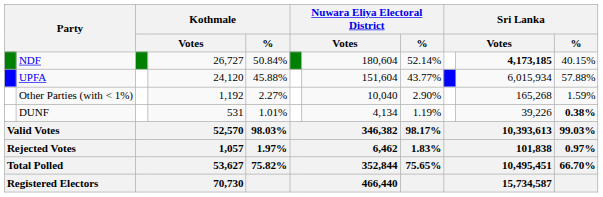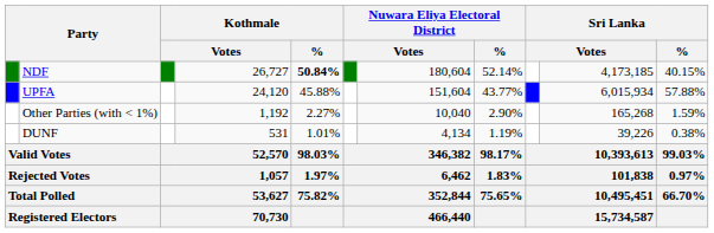 <table class="wikitable">
 <tr>
 <th colspan="2" width="144px"rowspan="2">Party</th>
 <th colspan="3" width="216px">Kothmale</th>
 <th colspan="3" width="216px"><a href='#'>Nuwara Eliya Electoral District</a></th>
 <th colspan="3" width="216px">Sri Lanka</th>
 </tr>
 <tr>
 <th colspan="2" width="144px">Votes</th>
 <th>%</th>
 <th colspan="2" width="144px">Votes</th>
 <th>%</th>
 <th colspan="2" width="144px">Votes</th>
 <th>%</th>
 </tr>
 <tr>
 <td style="background-color:green;" width="10px"></td>
 <td style="text-align:left;"><a href='#'>NDF</a></td>
 <td style="background-color:green;" width="10px"></td>
 <td style="text-align:right;">26,727</td>
-<td style="text-align:right;">50.84%</td>
+<td style="text-align:right;"><strong>50.84%</strong></td>
 <td style="background-color:green;" width="10px"></td>
 <td style="text-align:right;">180,604</td>
 <td style="text-align:right;">52.14%</td>
 <td style="background-color:white;" width="10px"></td>
-<td style="text-align:right;"><strong>4,173,185</strong></td>
+<td style="text-align:right;">4,173,185</td>
 <td style="text-align:right;">40.15%</td>
 </tr>
 <tr>
 <td style="background-color:blue;" width="10px"></td>
 <td style="text-align:left;"><a href='#'>UPFA</a></td>
 <td style="background-color:white;" width="10px"></td>
 <td style="text-align:right;">24,120</td>
 <td style="text-align:right;">45.88%</td>
 <td style="background-color:white;" width="10px"></td>
 <td style="text-align:right;">151,604</td>
 <td style="text-align:right;">43.77%</td>
 <td style="background-color:blue;" width="10px"></td>
 <td style="text-align:right;">6,015,934</td>
 <td style="text-align:right;">57.88%</td>
 </tr>
 <tr>
 <td style="background-color:white;" width="10px"></td>
 <td style="text-align:left;">Other Parties (with < 1%)</td>
 <td style="background-color:white;" width="10px"></td>
 <td style="text-align:right;">1,192</td>
 <td style="text-align:right;">2.27%</td>
 <td style="background-color:white;" width="10px"></td>
 <td style="text-align:right;">10,040</td>
 <td style="text-align:right;">2.90%</td>
 <td style="background-color:white;" width="10px"></td>
 <td style="text-align:right;">165,268</td>
 <td style="text-align:right;">1.59%</td>
 </tr>
 <tr>
 <td style="background-color:white;" width="10px"></td>
 <td style="text-align:left;">DUNF</td>
 <td style="background-color:white;" width="10px"></td>
 <td style="text-align:right;">531</td>
 <td style="text-align:right;">1.01%</td>
 <td style="background-color:white;" width="10px"></td>
 <td style="text-align:right;">4,134</td>
 <td style="text-align:right;">1.19%</td>
 <td style="background-color:white;" width="10px"></td>
 <td style="text-align:right;">39,226</td>
-<td style="text-align:right;"><strong>0.38%</strong></td>
+<td style="text-align:right;">0.38%</td>
 </tr>
 <tr>
 <th colspan="2" width="144px"style="text-align:left;">Valid Votes</th>
 <th style="text-align:right;"colspan="2" width="144px">52,570</th>
 <th style="text-align:right;">98.03%</th>
 <th style="text-align:right;"colspan="2" width="144px">346,382</th>
 <th style="text-align:right;">98.17%</th>
 <th style="text-align:right;"colspan="2" width="144px">10,393,613</th>
 <th style="text-align:right;">99.03%</th>
 </tr>
 <tr>
 <th colspan="2" width="144px"style="text-align:left;">Rejected Votes</th>
 <th style="text-align:right;"colspan="2" width="144px">1,057</th>
 <th style="text-align:right;">1.97%</th>
 <th style="text-align:right;"colspan="2" width="144px">6,462</th>
 <th style="text-align:right;">1.83%</th>
 <th style="text-align:right;"colspan="2" width="144px">101,838</th>
 <th style="text-align:right;">0.97%</th>
 </tr>
 <tr>
 <th colspan="2" width="144px"style="text-align:left;">Total Polled</th>
 <th style="text-align:right;"colspan="2" width="144px">53,627</th>
 <th style="text-align:right;">75.82%</th>
 <th style="text-align:right;"colspan="2" width="144px">352,844</th>
 <th style="text-align:right;">75.65%</th>
 <th style="text-align:right;"colspan="2" width="144px">10,495,451</th>
 <th style="text-align:right;">66.70%</th>
 </tr>
 <tr>
 <th colspan="2" width="144px"style="text-align:left;">Registered Electors</th>
 <th style="text-align:right;"colspan="2" width="144px">70,730</th>
 <th></th>
 <th style="text-align:right;"colspan="2" width="144px">466,440</th>
 <th></th>
 <th style="text-align:right;"colspan="2" width="144px">15,734,587</th>
 <th></th>
 </tr>
 </table>
